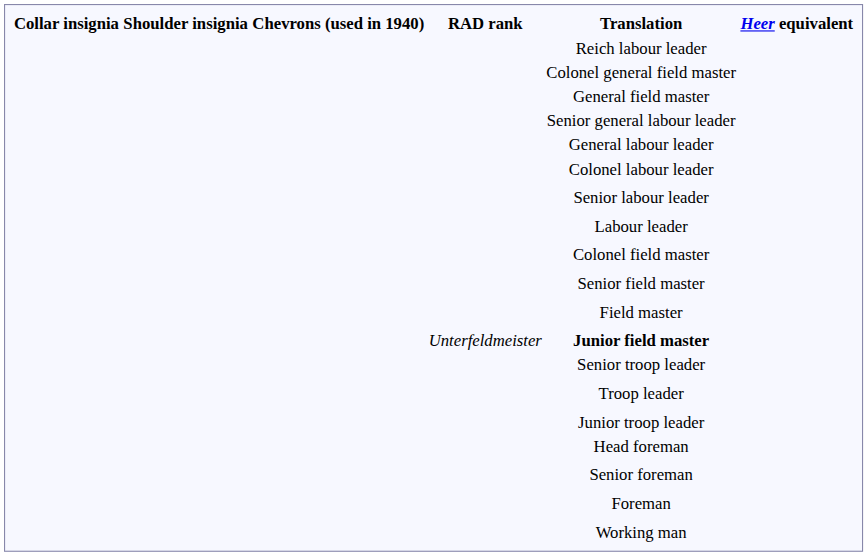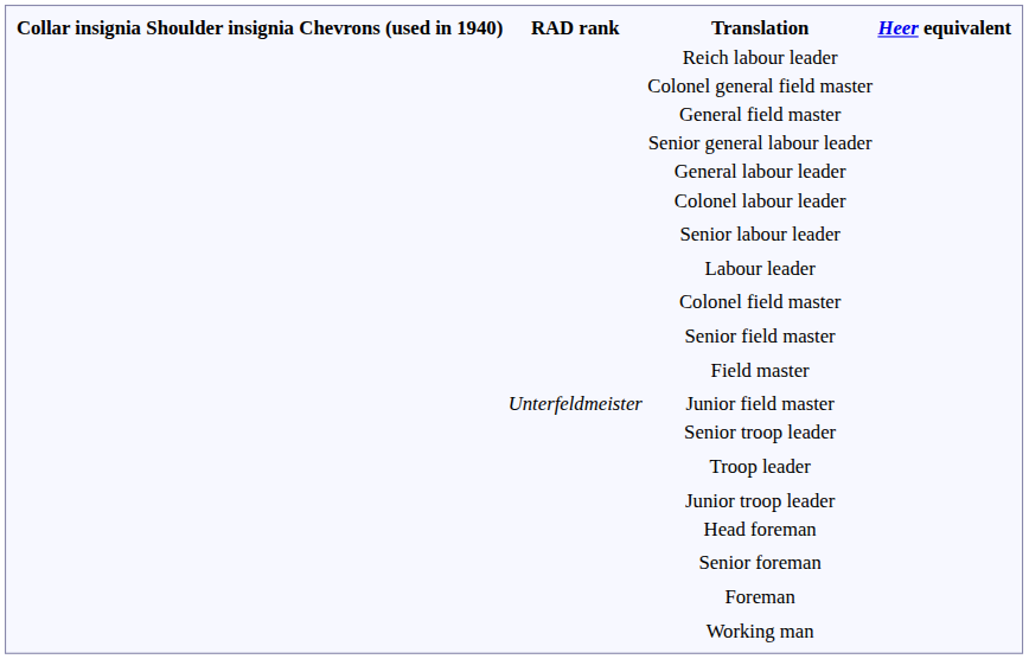 <table style="border:1px solid #8888aa; background-color:#f7f8ff; padding:5px; font-size:95%; margin: 0px 12px 12px 0px;">
 <tr style="text-align:center;">
 <th>Collar insignia</th>
 <th>Shoulder insignia</th>
 <th>Chevrons (used in 1940)</th>
 <th>RAD rank</th>
 <th>Translation</th>
 <th><em><a href='#'>Heer</a></em> equivalent</th>
 </tr>
 <tr style="text-align:center;">
 <td rowspan=5></td>
 <td></td>
 <td></td>
 <td></td>
 <td>Reich labour leader</td>
 <td></td>
 </tr>
 <tr style="text-align:center;">
 <td></td>
 <td></td>
 <td></td>
 <td>Colonel general field master</td>
 <td></td>
 </tr>
 <tr style="text-align:center;">
 <td></td>
 <td></td>
 <td></td>
 <td>General field master</td>
 <td></td>
 </tr>
 <tr style="text-align:center;">
 <td></td>
 <td></td>
 <td></td>
 <td>Senior general labour leader</td>
 <td></td>
 </tr>
 <tr style="text-align:center;">
 <td></td>
 <td></td>
 <td></td>
 <td>General labour leader</td>
 <td></td>
 </tr>
 <tr style="text-align:center;">
 <td rowspan=6></td>
 <td></td>
 <td></td>
 <td></td>
 <td>Colonel labour leader</td>
 <td></td>
 </tr>
 <tr>
 <td></td>
 <td></td>
 <td></td>
 </tr>
 <tr style="text-align:center;">
 <td></td>
 <td></td>
 <td></td>
 <td>Senior labour leader</td>
 <td></td>
 </tr>
 <tr>
 <td></td>
 <td></td>
 </tr>
 <tr style="text-align:center;">
 <td></td>
 <td></td>
 <td></td>
 <td>Labour leader</td>
 <td></td>
 </tr>
 <tr>
 <td></td>
 <td></td>
 </tr>
 <tr style="text-align:center;">
 <td rowspan="7"></td>
 <td></td>
 <td></td>
 <td></td>
 <td>Colonel field master</td>
 <td></td>
 </tr>
 <tr>
 <td></td>
 <td></td>
 </tr>
 <tr style="text-align:center;">
 <td></td>
 <td></td>
 <td></td>
 <td>Senior field master</td>
 <td></td>
 </tr>
 <tr>
 <td></td>
 <td></td>
 </tr>
 <tr style="text-align:center;">
 <td></td>
 <td></td>
 <td></td>
 <td>Field master</td>
 <td></td>
 </tr>
 <tr>
 <td></td>
 <td></td>
 </tr>
 <tr style="text-align:center;">
 <td></td>
 <td></td>
 <td><em>Unterfeldmeister</em></td>
-<td><strong>Junior field master</strong></td>
+<td>Junior field master</td>
 <td></td>
 </tr>
 <tr style="text-align:center;">
 <td rowspan="5"></td>
 <td></td>
 <td></td>
 <td></td>
 <td>Senior troop leader</td>
 <td></td>
 </tr>
 <tr>
 <td></td>
 <td></td>
 </tr>
 <tr style="text-align:center;">
 <td></td>
 <td></td>
 <td></td>
 <td>Troop leader</td>
 <td></td>
 </tr>
 <tr>
 <td></td>
 <td></td>
 <td></td>
 <td></td>
 <td></td>
 </tr>
 <tr style="text-align:center;">
 <td></td>
 <td></td>
 <td></td>
 <td>Junior troop leader</td>
 <td><u></u></td>
 </tr>
 <tr style="text-align:center;">
 <td rowspan="3"></td>
 <td></td>
 <td></td>
 <td></td>
 <td>Head foreman</td>
 <td></td>
 </tr>
 <tr>
 <td></td>
 <td></td>
 <td></td>
 </tr>
 <tr style="text-align:center;">
 <td></td>
 <td></td>
 <td></td>
 <td>Senior foreman</td>
 <td></td>
 </tr>
 <tr>
 <td></td>
 <td></td>
 <td></td>
 <td></td>
 </tr>
 <tr style="text-align:center;">
 <td></td>
 <td></td>
 <td></td>
 <td></td>
 <td>Foreman</td>
 <td></td>
 </tr>
 <tr>
 <td></td>
 <td></td>
 <td></td>
 </tr>
 <tr style="text-align:center;">
 <td></td>
 <td></td>
 <td></td>
 <td></td>
 <td>Working man</td>
 <td></td>
 </tr>
 </table>
